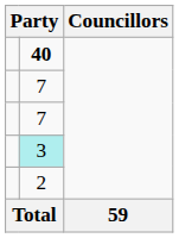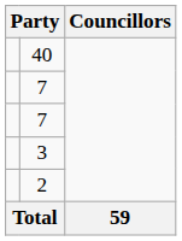 <table class="wikitable">
 <tr>
 <th colspan=2>Party</th>
 <th>Councillors</th>
 </tr>
 <tr>
 <td></td>
-<td align=center><strong>40</strong></td>
+<td align=center>40</td>
 </tr>
 <tr>
 <td></td>
 <td align=center>7</td>
 </tr>
 <tr>
 <td></td>
 <td align=center>7</td>
 </tr>
 <tr>
 <td></td>
-<td align=center style="background: paleturquoise;">3</td>
+<td align=center>3</td>
 </tr>
 <tr>
 <td></td>
 <td align=center>2</td>
 </tr>
 <tr>
 <th colspan=2>Total</th>
 <th align=center>59</th>
 </tr>
 </table>
